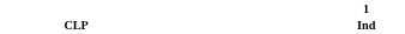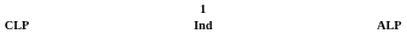 <table style="width:60%; text-align:center;">
 <tr style="color:white;">
 <td style="background:"><strong>16</strong></td>
 <td style="color:black; background:"><strong>1</strong></td>
+<td style="background:"><strong>8</strong></td>
 </tr>
 <tr>
 <td><span><strong>CLP</strong></span></td>
 <td><span><strong>Ind</strong></span></td>
+<td><span><strong>ALP</strong></span></td>
 </tr>
 </table>
